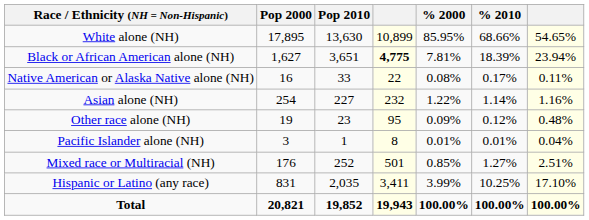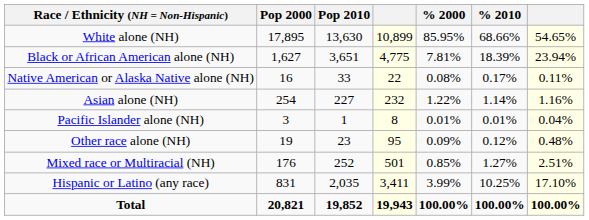 <table class="wikitable" style="text-align:center;">
 <tr>
 <th>Race / Ethnicity <small>(<em>NH = Non-Hispanic</em>)</small></th>
 <th>Pop 2000</th>
 <th>Pop 2010</th>
 <th></th>
 <th>% 2000</th>
 <th>% 2010</th>
 <th></th>
 </tr>
 <tr>
 <td><a href='#'>White</a> alone (NH)</td>
 <td>17,895</td>
 <td>13,630</td>
 <td style='background: #ffffe6;'>10,899</td>
 <td>85.95%</td>
 <td>68.66%</td>
 <td style='background: #ffffe6;'>54.65%</td>
 </tr>
 <tr>
 <td><a href='#'>Black or African American</a> alone (NH)</td>
 <td>1,627</td>
 <td>3,651</td>
-<td style='background: #ffffe6;'><strong>4,775</strong></td>
+<td style='background: #ffffe6;'>4,775</td>
 <td>7.81%</td>
 <td>18.39%</td>
 <td style='background: #ffffe6;'>23.94%</td>
 </tr>
 <tr>
 <td><a href='#'>Native American</a> or <a href='#'>Alaska Native</a> alone (NH)</td>
 <td>16</td>
 <td>33</td>
 <td style='background: #ffffe6;'>22</td>
 <td>0.08%</td>
 <td>0.17%</td>
 <td style='background: #ffffe6;'>0.11%</td>
 </tr>
 <tr>
 <td><a href='#'>Asian</a> alone (NH)</td>
 <td>254</td>
 <td>227</td>
 <td style='background: #ffffe6;'>232</td>
 <td>1.22%</td>
 <td>1.14%</td>
 <td style='background: #ffffe6;'>1.16%</td>
 </tr>
 <tr>
+<td><a href='#'>Pacific Islander</a> alone (NH)</td>
+<td>3</td>
+<td>1</td>
+<td style='background: #ffffe6;'>8</td>
+<td>0.01%</td>
+<td>0.01%</td>
+<td style='background: #ffffe6;'>0.04%</td>
+</tr>
+<tr>
 <td><a href='#'>Other race</a> alone (NH)</td>
 <td>19</td>
 <td>23</td>
 <td style='background: #ffffe6;'>95</td>
 <td>0.09%</td>
 <td>0.12%</td>
 <td style='background: #ffffe6;'>0.48%</td>
-</tr>
-<tr>
-<td><a href='#'>Pacific Islander</a> alone (NH)</td>
-<td>3</td>
-<td>1</td>
-<td style='background: #ffffe6;'>8</td>
-<td>0.01%</td>
-<td>0.01%</td>
-<td style='background: #ffffe6;'>0.04%</td>
 </tr>
 <tr>
 <td><a href='#'>Mixed race or Multiracial</a> (NH)</td>
 <td>176</td>
 <td>252</td>
 <td style='background: #ffffe6;'>501</td>
 <td>0.85%</td>
 <td>1.27%</td>
 <td style='background: #ffffe6;'>2.51%</td>
 </tr>
 <tr>
 <td><a href='#'>Hispanic or Latino</a> (any race)</td>
 <td>831</td>
 <td>2,035</td>
 <td style='background: #ffffe6;'>3,411</td>
 <td>3.99%</td>
 <td>10.25%</td>
 <td style='background: #ffffe6;'>17.10%</td>
 </tr>
 <tr>
 <td><strong>Total</strong></td>
 <td><strong>20,821</strong></td>
 <td><strong>19,852</strong></td>
 <td style='background: #ffffe6;'><strong>19,943</strong></td>
 <td><strong>100.00%</strong></td>
 <td><strong>100.00%</strong></td>
 <td style='background: #ffffe6;'><strong>100.00%</strong></td>
 </tr>
 </table>
